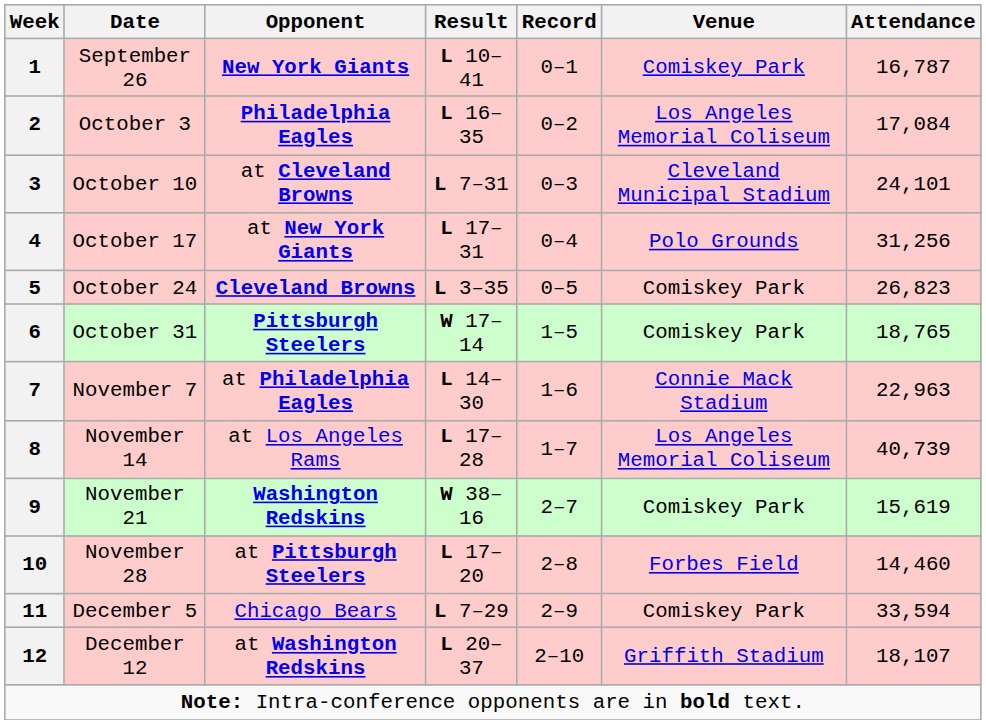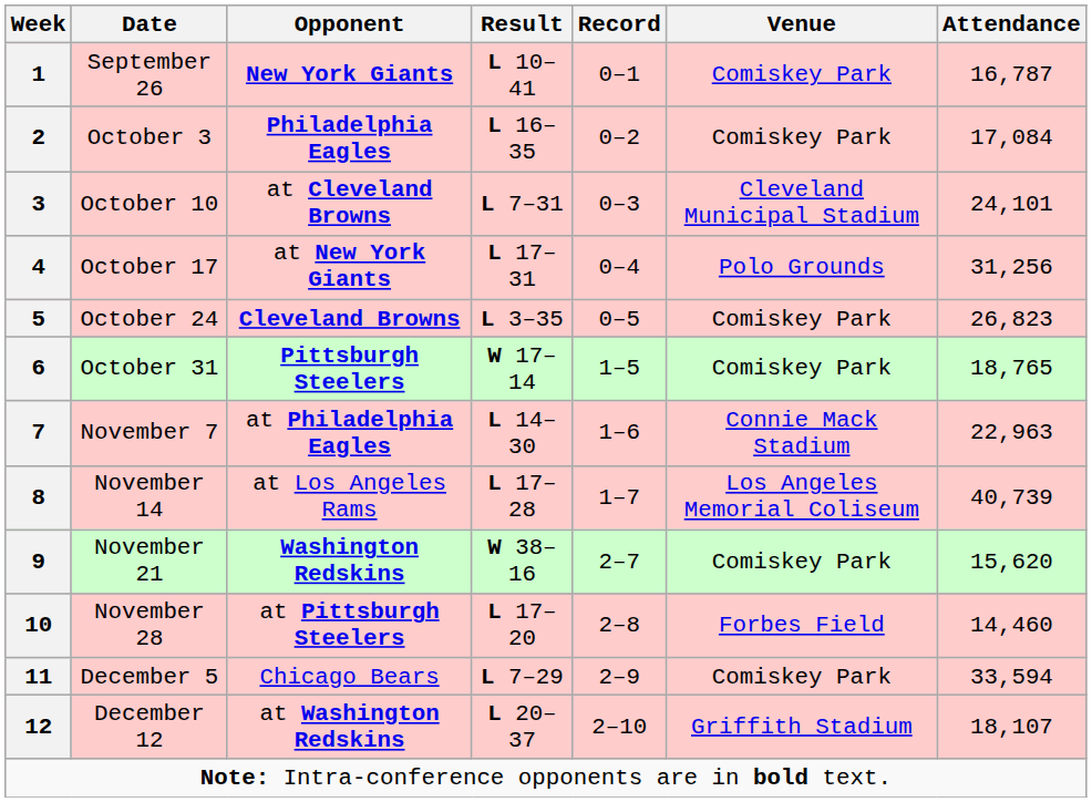 <table class="wikitable" style="text-align:center">
 <tr>
 <th>Week</th>
 <th>Date</th>
 <th>Opponent</th>
 <th>Result</th>
 <th>Record</th>
 <th>Venue</th>
 <th>Attendance</th>
 </tr>
 <tr style="background:#fcc">
 <th>1</th>
 <td>September 26</td>
 <td><strong><a href='#'>New York Giants</a></strong></td>
 <td><strong>L</strong> 10–41</td>
 <td>0–1</td>
 <td><a href='#'>Comiskey Park</a></td>
 <td>16,787</td>
 </tr>
 <tr style="background:#fcc">
 <th>2</th>
 <td>October 3</td>
 <td><strong><a href='#'>Philadelphia Eagles</a></strong></td>
 <td><strong>L</strong> 16–35</td>
 <td>0–2</td>
-<td><a href='#'>Los Angeles Memorial Coliseum</a></td>
+<td>Comiskey Park</td>
 <td>17,084</td>
 </tr>
 <tr style="background:#fcc">
 <th>3</th>
 <td>October 10</td>
 <td>at <strong><a href='#'>Cleveland Browns</a></strong></td>
 <td><strong>L</strong> 7–31</td>
 <td>0–3</td>
 <td><a href='#'>Cleveland Municipal Stadium</a></td>
 <td>24,101</td>
 </tr>
 <tr style="background:#fcc">
 <th>4</th>
 <td>October 17</td>
 <td>at <strong><a href='#'>New York Giants</a></strong></td>
 <td><strong>L</strong> 17–31</td>
 <td>0–4</td>
 <td><a href='#'>Polo Grounds</a></td>
 <td>31,256</td>
 </tr>
 <tr style="background:#fcc">
 <th>5</th>
 <td>October 24</td>
 <td><strong><a href='#'>Cleveland Browns</a></strong></td>
 <td><strong>L</strong> 3–35</td>
 <td>0–5</td>
 <td>Comiskey Park</td>
 <td>26,823</td>
 </tr>
 <tr style="background:#cfc">
 <th>6</th>
 <td>October 31</td>
 <td><strong><a href='#'>Pittsburgh Steelers</a></strong></td>
 <td><strong>W</strong> 17–14</td>
 <td>1–5</td>
 <td>Comiskey Park</td>
 <td>18,765</td>
 </tr>
 <tr style="background:#fcc">
 <th>7</th>
 <td>November 7</td>
 <td>at <strong><a href='#'>Philadelphia Eagles</a></strong></td>
 <td><strong>L</strong> 14–30</td>
 <td>1–6</td>
 <td><a href='#'>Connie Mack Stadium</a></td>
 <td>22,963</td>
 </tr>
 <tr style="background:#fcc">
 <th>8</th>
 <td>November 14</td>
 <td>at <a href='#'>Los Angeles Rams</a></td>
 <td><strong>L</strong> 17–28</td>
 <td>1–7</td>
 <td><a href='#'>Los Angeles Memorial Coliseum</a></td>
 <td>40,739</td>
 </tr>
 <tr style="background:#cfc">
 <th>9</th>
 <td>November 21</td>
 <td><strong><a href='#'>Washington Redskins</a></strong></td>
 <td><strong>W</strong> 38–16</td>
 <td>2–7</td>
 <td>Comiskey Park</td>
-<td>15,619</td>
+<td>15,620</td>
 </tr>
 <tr style="background:#fcc">
 <th>10</th>
 <td>November 28</td>
 <td>at <strong><a href='#'>Pittsburgh Steelers</a></strong></td>
 <td><strong>L</strong> 17–20</td>
 <td>2–8</td>
 <td><a href='#'>Forbes Field</a></td>
 <td>14,460</td>
 </tr>
 <tr style="background:#fcc">
 <th>11</th>
 <td>December 5</td>
 <td><a href='#'>Chicago Bears</a></td>
 <td><strong>L</strong> 7–29</td>
 <td>2–9</td>
 <td>Comiskey Park</td>
 <td>33,594</td>
 </tr>
 <tr style="background:#fcc">
 <th>12</th>
 <td>December 12</td>
 <td>at <strong><a href='#'>Washington Redskins</a></strong></td>
 <td><strong>L</strong> 20–37</td>
 <td>2–10</td>
 <td><a href='#'>Griffith Stadium</a></td>
 <td>18,107</td>
 </tr>
 <tr>
 <td colspan="8"><strong>Note:</strong> Intra-conference opponents are in <strong>bold</strong> text.</td>
 </tr>
 </table>
